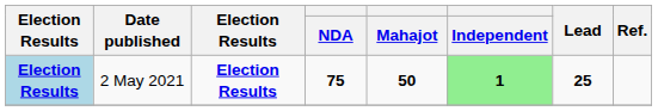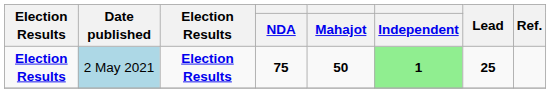 <table class="wikitable" style="text-align:center; font-size:95%; line-height:20px">
 <tr>
 <th rowspan="2" width="115px">Election Results</th>
 <th rowspan="2" width="115px">Date published</th>
 <th rowspan="2" width="195px">Election Results</th>
 <th style="background:"></th>
 <th style="background:"></th>
 <th style="background:"></th>
 <th rowspan="2" width="85px">Lead</th>
 <th rowspan="2">Ref.</th>
 </tr>
 <tr>
 <th style="width:95px;"><a href='#'>NDA</a></th>
 <th style="width:95px;"><a href='#'>Mahajot</a></th>
 <th style="width:95px;"><a href='#'>Independent</a></th>
 </tr>
 <tr>
-<td style="background: lightblue;"><strong><a href='#'>Election Results</a></strong></td>
-<td>2 May 2021</td>
+<td><strong><a href='#'>Election Results</a></strong></td>
+<td style="background: lightblue;">2 May 2021</td>
 <td><strong><a href='#'>Election Results</a></strong></td>
 <td style="background:FAD6A5"><strong>75</strong></td>
 <td><strong>50</strong></td>
 <td style="background: lightgreen;"><strong>1</strong></td>
 <td style="background:"><strong>25</strong></td>
 <td></td>
 </tr>
 <tr>
 </tr>
 </table>
